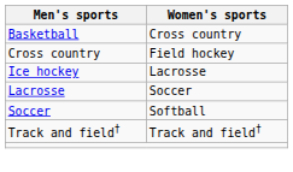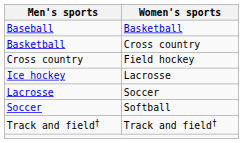 <table class="wikitable"; style= "text-align: ">
 <tr>
 <th width=150px>Men's sports</th>
 <th width=150px>Women's sports</th>
+</tr>
+<tr>
+<td><a href='#'>Baseball</a></td>
+<td><a href='#'>Basketball</a></td>
 </tr>
 <tr>
 <td><a href='#'>Basketball</a></td>
 <td>Cross country</td>
 </tr>
 <tr>
 <td>Cross country</td>
 <td>Field hockey</td>
 </tr>
 <tr>
 <td><a href='#'>Ice hockey</a></td>
 <td>Lacrosse</td>
 </tr>
 <tr>
 <td><a href='#'>Lacrosse</a></td>
 <td>Soccer</td>
 </tr>
 <tr>
 <td><a href='#'>Soccer</a></td>
 <td>Softball</td>
 </tr>
 <tr>
 <td>Track and field<sup>†</sup></td>
 <td>Track and field<sup>†</sup></td>
 </tr>
 <tr>
 <td colspan="2"></td>
 </tr>
 </table>
